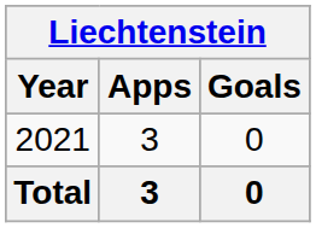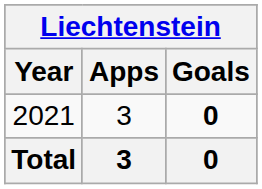 <table class="wikitable" style="text-align:center">
 <tr>
 <th colspan="3"><a href='#'>Liechtenstein</a></th>
 </tr>
 <tr>
 <th>Year</th>
 <th>Apps</th>
 <th>Goals</th>
 </tr>
 <tr>
 <td>2021</td>
 <td>3</td>
-<td>0</td>
+<td><strong>0</strong></td>
 </tr>
 <tr>
 <th colspan="1">Total</th>
 <th>3</th>
 <th>0</th>
 </tr>
 </table>
